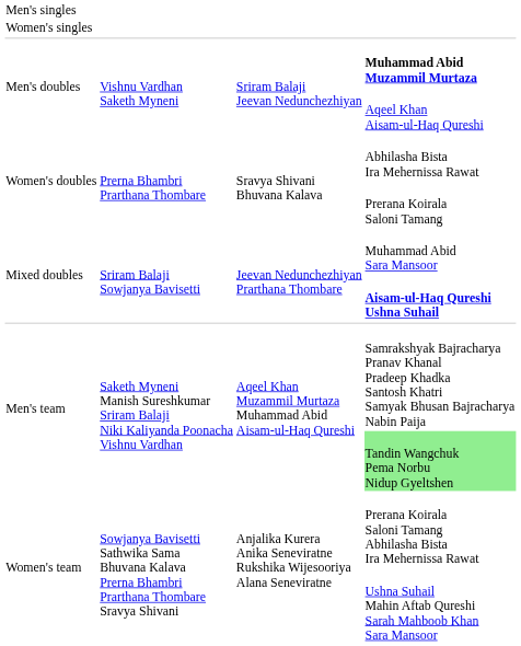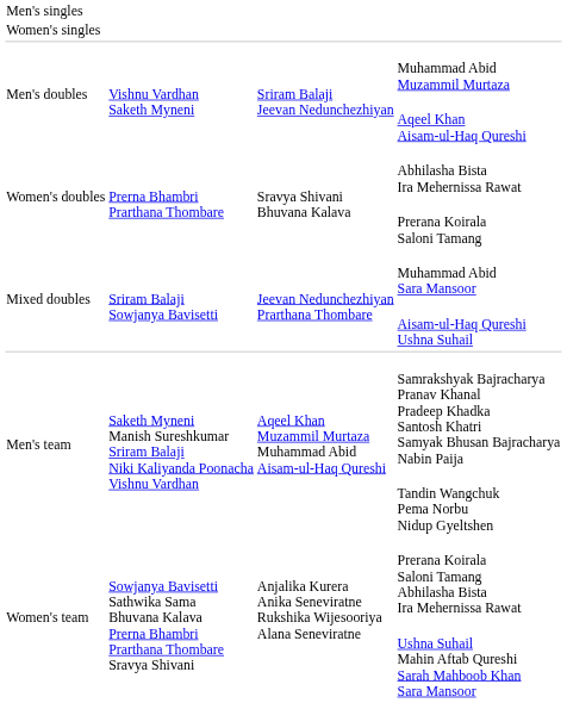 <table>
 <tr>
 <td rowspan=2>Men's singles</td>
 <td rowspan=2></td>
 <td rowspan=2></td>
 <td></td>
 </tr>
 <tr>
 <td></td>
 </tr>
 <tr>
 <td rowspan=2>Women's singles</td>
 <td rowspan=2></td>
 <td rowspan=2></td>
 <td></td>
 </tr>
 <tr>
 <td></td>
 </tr>
 <tr style="background:#dddddd;">
 <td colspan=7></td>
 </tr>
 <tr>
 <td rowspan=2>Men's doubles</td>
 <td rowspan=2><br><a href='#'>Vishnu Vardhan</a><br><a href='#'>Saketh Myneni</a></td>
 <td rowspan=2 nowrap=true><br><a href='#'>Sriram Balaji</a><br><a href='#'>Jeevan Nedunchezhiyan</a></td>
-<td><strong><br>Muhammad Abid<br><a href='#'>Muzammil Murtaza</a></strong></td>
+<td><br>Muhammad Abid<br><a href='#'>Muzammil Murtaza</a></td>
 </tr>
 <tr>
 <td><br><a href='#'>Aqeel Khan</a><br><a href='#'>Aisam-ul-Haq Qureshi</a></td>
 </tr>
 <tr>
 <td rowspan=2>Women's doubles</td>
 <td rowspan=2><br><a href='#'>Prerna Bhambri</a><br><a href='#'>Prarthana Thombare</a></td>
 <td rowspan=2><br>Sravya Shivani<br>Bhuvana Kalava</td>
 <td><br>Abhilasha Bista<br>Ira Mehernissa Rawat</td>
 </tr>
 <tr>
 <td><br>Prerana Koirala<br>Saloni Tamang</td>
 </tr>
 <tr>
 <td rowspan=2>Mixed doubles</td>
 <td rowspan=2><br><a href='#'>Sriram Balaji</a><br><a href='#'>Sowjanya Bavisetti</a></td>
 <td rowspan=2><br><a href='#'>Jeevan Nedunchezhiyan</a><br><a href='#'>Prarthana Thombare</a></td>
 <td><br>Muhammad Abid<br><a href='#'>Sara Mansoor</a></td>
 </tr>
 <tr>
-<td><strong><br><a href='#'>Aisam-ul-Haq Qureshi</a><br><a href='#'>Ushna Suhail</a></strong></td>
+<td><br><a href='#'>Aisam-ul-Haq Qureshi</a><br><a href='#'>Ushna Suhail</a></td>
 </tr>
 <tr style="background:#dddddd;">
 <td colspan=7></td>
 </tr>
 <tr>
 <td rowspan=2>Men's team</td>
 <td rowspan=2 nowrap=true><br><a href='#'>Saketh Myneni</a><br>Manish Sureshkumar<br><a href='#'>Sriram Balaji</a><br><a href='#'>Niki Kaliyanda Poonacha</a><br><a href='#'>Vishnu Vardhan</a></td>
 <td rowspan=2><br><a href='#'>Aqeel Khan</a><br><a href='#'>Muzammil Murtaza</a><br>Muhammad Abid<br><a href='#'>Aisam-ul-Haq Qureshi</a><br> </td>
 <td><br>Samrakshyak Bajracharya<br>Pranav Khanal<br>Pradeep Khadka<br>Santosh Khatri<br>Samyak Bhusan Bajracharya<br>Nabin Paija</td>
 </tr>
 <tr>
-<td style="background: lightgreen;"><br>Tandin Wangchuk<br>Pema Norbu<br>Nidup Gyeltshen</td>
+<td><br>Tandin Wangchuk<br>Pema Norbu<br>Nidup Gyeltshen</td>
 </tr>
 <tr>
 <td rowspan=2>Women's team</td>
 <td rowspan=2><br><a href='#'>Sowjanya Bavisetti</a><br>Sathwika Sama<br>Bhuvana Kalava<br><a href='#'>Prerna Bhambri</a><br><a href='#'>Prarthana Thombare</a><br>Sravya Shivani</td>
 <td rowspan=2><br>Anjalika Kurera<br>Anika Seneviratne<br>Rukshika Wijesooriya<br>Alana Seneviratne<br> <br> </td>
 <td nowrap=true><br>Prerana Koirala<br>Saloni Tamang<br>Abhilasha Bista<br>Ira Mehernissa Rawat</td>
 </tr>
 <tr>
 <td><br><a href='#'>Ushna Suhail</a><br>Mahin Aftab Qureshi<br><a href='#'>Sarah Mahboob Khan</a><br><a href='#'>Sara Mansoor</a></td>
 </tr>
 </table>
